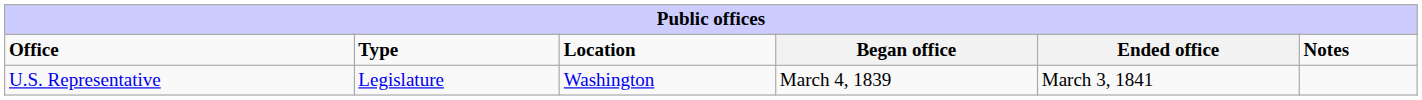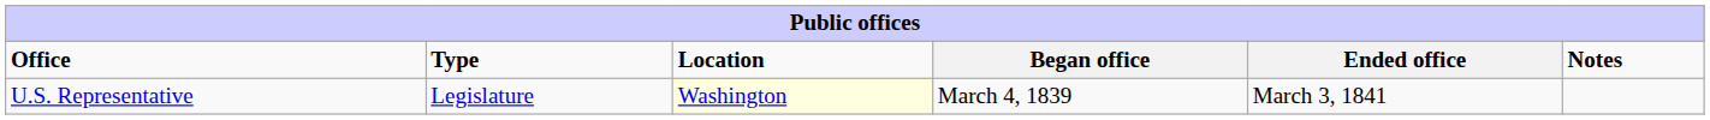 <table class=wikitable style="width: 94%" style="text-align: center;" align="center">
 <tr bgcolor=#cccccc>
 <th colspan=7 style="background: #ccccff;">Public offices</th>
 </tr>
 <tr>
 <td><strong>Office</strong></td>
 <td><strong>Type</strong></td>
 <td><strong>Location</strong></td>
 <th><strong>Began office</strong></th>
 <th><strong>Ended office</strong></th>
 <td><strong>Notes</strong></td>
 </tr>
 <tr>
 <td><a href='#'>U.S. Representative</a></td>
 <td><a href='#'>Legislature</a></td>
-<td><a href='#'>Washington</a></td>
+<td style="background: lightyellow;"><a href='#'>Washington</a></td>
 <td>March 4, 1839</td>
 <td>March 3, 1841</td>
 <td></td>
 </tr>
 </table>
